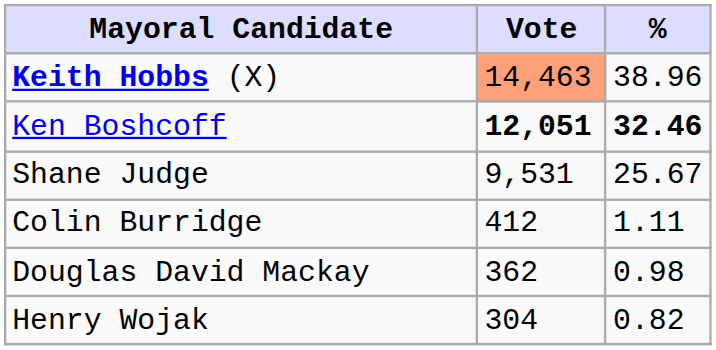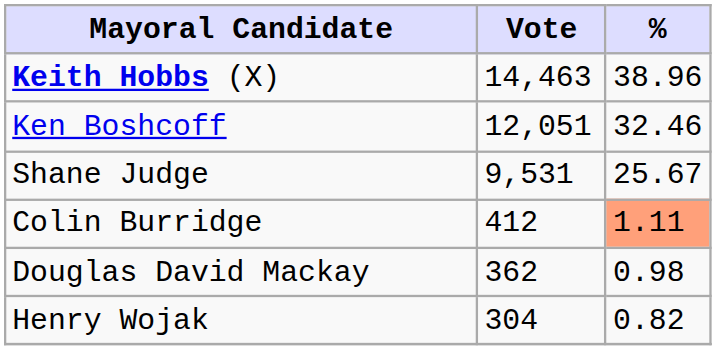 <table class="wikitable">
 <tr>
 <th style="background:#ddf; width:200px;">Mayoral Candidate </th>
 <th style="background:#ddf; width:50px;">Vote</th>
 <th style="background:#ddf; width:30px;">%</th>
 </tr>
 <tr>
 <td><strong><a href='#'>Keith Hobbs</a></strong> (X)</td>
-<td style="background: lightsalmon;">14,463</td>
+<td>14,463</td>
 <td>38.96</td>
 </tr>
 <tr>
 <td><a href='#'>Ken Boshcoff</a></td>
-<td><strong>12,051</strong></td>
-<td><strong>32.46</strong></td>
+<td>12,051</td>
+<td>32.46</td>
 </tr>
 <tr>
 <td>Shane Judge</td>
 <td>9,531</td>
 <td>25.67</td>
 </tr>
 <tr>
 <td>Colin Burridge</td>
 <td>412</td>
-<td>1.11</td>
+<td style="background: lightsalmon;">1.11</td>
 </tr>
 <tr>
 <td>Douglas David Mackay</td>
 <td>362</td>
 <td>0.98</td>
 </tr>
 <tr>
 <td>Henry Wojak</td>
 <td>304</td>
 <td>0.82</td>
 </tr>
 <tr>
 </tr>
 </table>
